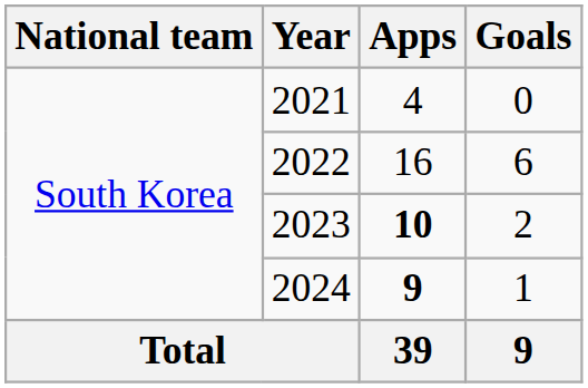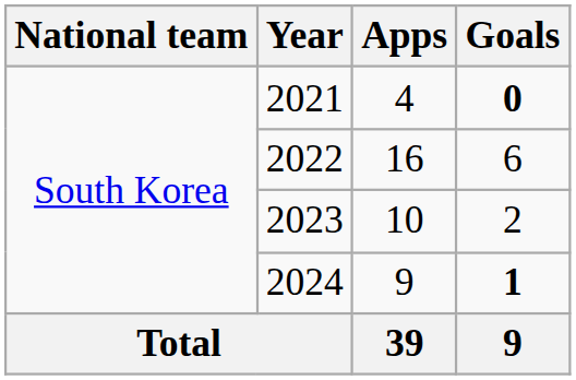 <table class=wikitable style=text-align:center>
 <tr>
 <th>National team</th>
 <th>Year</th>
 <th>Apps</th>
 <th>Goals</th>
 </tr>
 <tr>
 <td rowspan="4"><a href='#'>South Korea</a></td>
 <td>2021</td>
 <td>4</td>
-<td>0</td>
+<td><strong>0</strong></td>
 </tr>
 <tr>
 <td>2022</td>
 <td>16</td>
 <td>6</td>
 </tr>
 <tr>
 <td>2023</td>
-<td><strong>10</strong></td>
+<td>10</td>
 <td>2</td>
 </tr>
 <tr>
 <td>2024</td>
-<td><strong>9</strong></td>
-<td>1</td>
+<td>9</td>
+<td><strong>1</strong></td>
 </tr>
 <tr>
 <th colspan="2">Total</th>
 <th>39</th>
 <th>9</th>
 </tr>
 </table>
